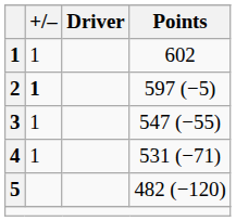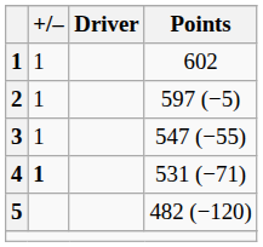 <table class="wikitable sortable" style="font-size:95%;">
 <tr>
 </tr>
 <tr>
 <th scope="col"></th>
 <th scope="col">+/–</th>
 <th scope="col">Driver</th>
 <th scope="col">Points</th>
 </tr>
 <tr>
 <th scope="row">1</th>
 <td align="left"> 1</td>
 <td></td>
 <td style="text-align:center;">602</td>
 </tr>
 <tr>
 <th scope="row">2</th>
-<td align="left"><strong> 1</strong></td>
+<td align="left"> 1</td>
 <td></td>
 <td style="text-align:center;">597 (−5)</td>
 </tr>
 <tr>
 <th scope="row">3</th>
 <td align="left"> 1</td>
 <td></td>
 <td style="text-align:center;">547 (−55)</td>
 </tr>
 <tr>
 <th scope="row">4</th>
-<td align="left"> 1</td>
+<td align="left"><strong> 1</strong></td>
 <td></td>
 <td style="text-align:center;">531 (−71)</td>
 </tr>
 <tr>
 <th scope="row">5</th>
 <td align="left"></td>
 <td></td>
 <td style="text-align:center;">482 (−120)</td>
 </tr>
 <tr>
 </tr>
 <tr class="sortbottom">
 <td colspan="9"></td>
 </tr>
 </table>
